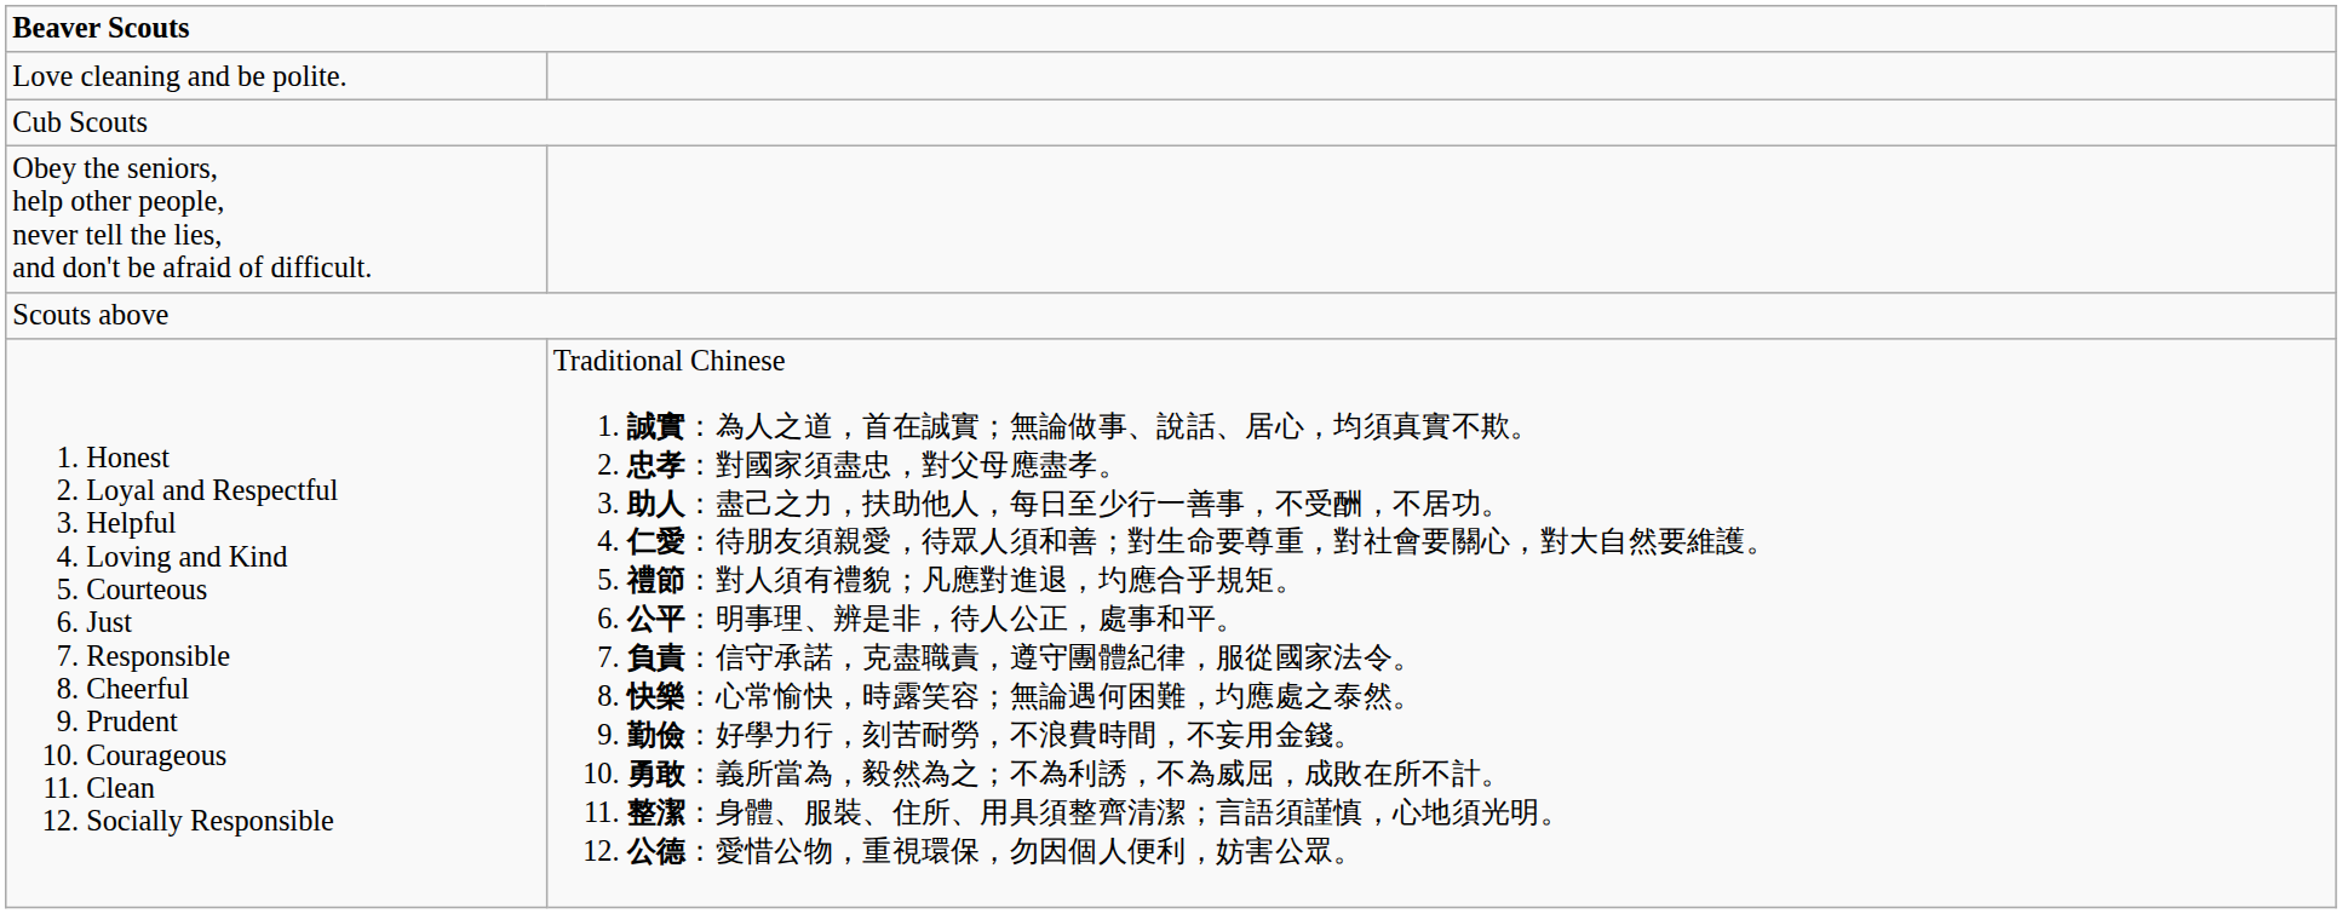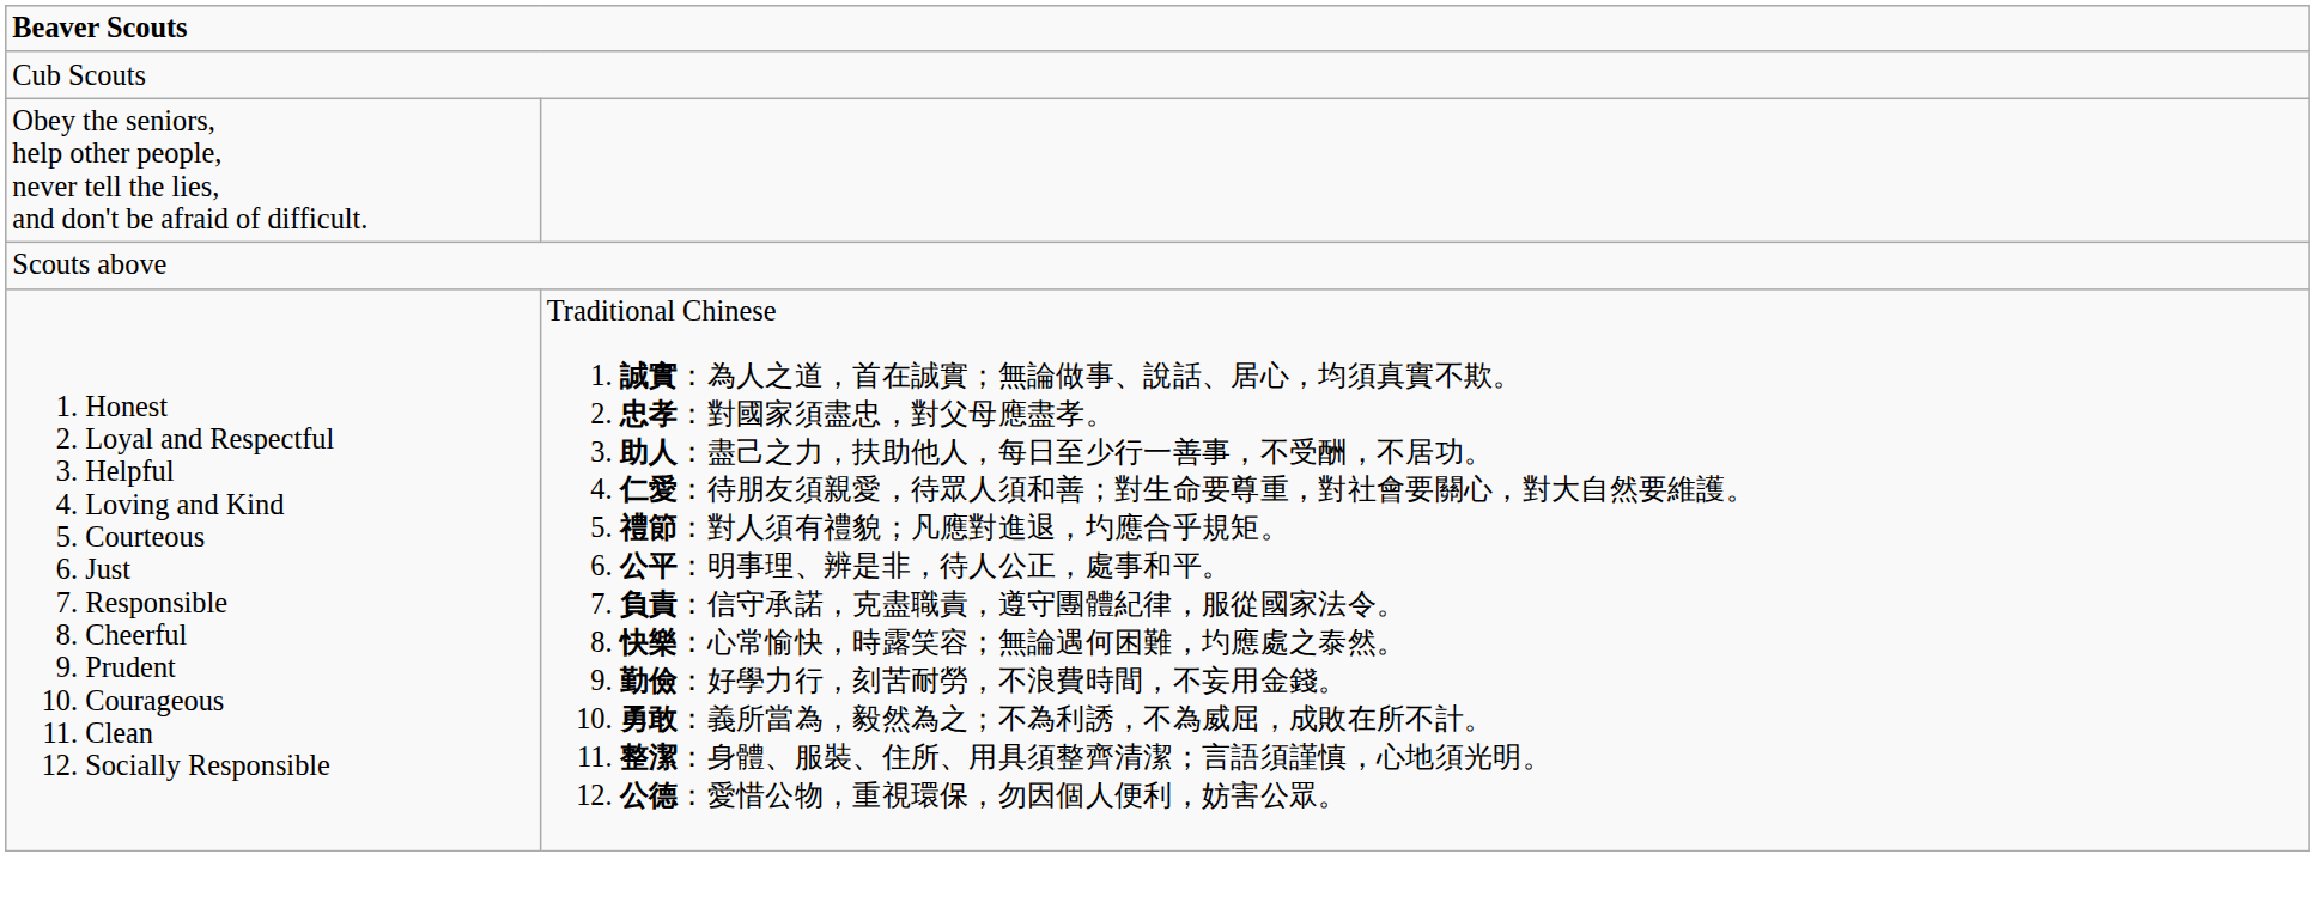 <table class="wikitable" width="80%">
 <tr>
 <td colspan="2"><strong>Beaver Scouts</strong></td>
-</tr>
-<tr>
-<td>Love cleaning and be polite.</td>
-<td></td>
 </tr>
 <tr>
 <td colspan="2">Cub Scouts</td>
 </tr>
 <tr>
 <td>Obey the seniors,<br>help other people,<br>never tell the lies,<br>and don't be afraid of difficult.</td>
 <td></td>
 </tr>
 <tr>
 <td colspan="2">Scouts above</td>
 </tr>
 <tr>
 <td><br><ol><li>Honest</li><li>Loyal and Respectful</li><li>Helpful</li><li>Loving and Kind</li><li>Courteous</li><li>Just</li><li>Responsible</li><li>Cheerful</li><li>Prudent</li><li>Courageous</li><li>Clean</li><li>Socially Responsible</li></ol></td>
 <td>Traditional Chinese<br><ol><li><strong>誠實</strong>：為人之道，首在誠實；無論做事、說話、居心，均須真實不欺。</li><li><strong>忠孝</strong>：對國家須盡忠，對父母應盡孝。</li><li><strong>助人</strong>：盡己之力，扶助他人，每日至少行一善事，不受酬，不居功。</li><li><strong>仁愛</strong>：待朋友須親愛，待眾人須和善；對生命要尊重，對社會要關心，對大自然要維護。</li><li><strong>禮節</strong>：對人須有禮貌；凡應對進退，圴應合乎規矩。</li><li><strong>公平</strong>：明事理、辨是非，待人公正，處事和平。</li><li><strong>負責</strong>：信守承諾，克盡職責，遵守團體紀律，服從國家法令。</li><li><strong>快樂</strong>：心常愉快，時露笑容；無論遇何困難，圴應處之泰然。</li><li><strong>勤儉</strong>：好學力行，刻苦耐勞，不浪費時間，不妄用金錢。</li><li><strong>勇敢</strong>：義所當為，毅然為之；不為利誘，不為威屈，成敗在所不計。</li><li><strong>整潔</strong>：身體、服裝、住所、用具須整齊清潔；言語須謹慎，心地須光明。</li><li><strong>公德</strong>：愛惜公物，重視環保，勿因個人便利，妨害公眾。</li></ol></td>
 </tr>
 </table>
